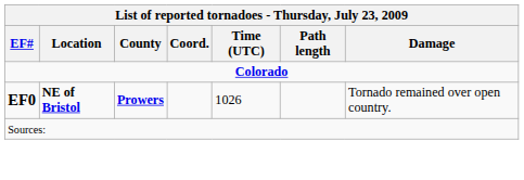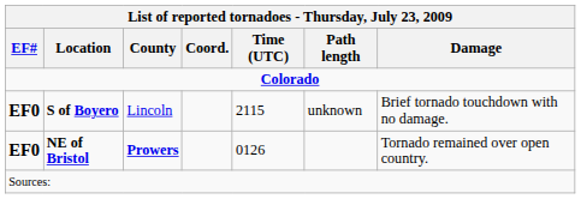 <table class="wikitable collapsible" style="width:100%;">
 <tr>
 <th colspan="7">List of reported tornadoes - Thursday, July 23, 2009</th>
 </tr>
 <tr>
 <th><a href='#'>EF#</a></th>
 <th>Location</th>
 <th>County</th>
 <th>Coord.</th>
 <th>Time (UTC)</th>
 <th>Path length</th>
 <th>Damage</th>
 </tr>
 <tr>
 <td colspan="7" style="text-align:center;"><strong><a href='#'>Colorado</a></strong></td>
 </tr>
 <tr>
 <td><big><strong>EF0</strong></big></td>
+<td><strong>S of <a href='#'>Boyero</a></strong></td>
+<td><a href='#'>Lincoln</a></td>
+<td></td>
+<td>2115</td>
+<td>unknown</td>
+<td>Brief tornado touchdown with no damage.</td>
+</tr>
+<tr>
+<td><big><strong>EF0</strong></big></td>
 <td><strong>NE of <a href='#'>Bristol</a></strong></td>
 <td><strong><a href='#'>Prowers</a></strong></td>
 <td></td>
-<td>1026</td>
+<td>0126</td>
 <td></td>
 <td>Tornado remained over open country.</td>
 </tr>
 <tr>
 <td colspan="7"><small>Sources: </small></td>
 </tr>
 </table>
